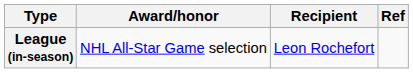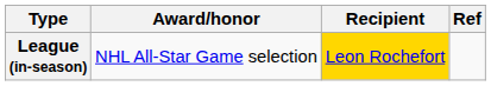 <table class="wikitable">
 <tr>
 <th scope="col">Type</th>
 <th scope="col">Award/honor</th>
 <th scope="col">Recipient</th>
 <th scope="col">Ref</th>
 </tr>
 <tr>
 <th scope="row" rowspan="11">League<br><small>(in-season)</small></th>
 <td><a href='#'>NHL All-Star Game</a> selection</td>
-<td><a href='#'>Leon Rochefort</a></td>
+<td style="background: gold;"><a href='#'>Leon Rochefort</a></td>
 <td></td>
 </tr>
 </table>
